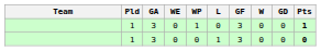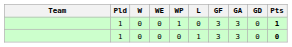 <table class="wikitable" style="text-align: center; font-size:90% ">
 <tr>
 <th width=160>Team</th>
 <th width=25>Pld</th>
-<th width=25>GA</th>
+<th width=25>W</th>
 <th width=25>WE</th>
 <th width=25>WP</th>
 <th width=25>L</th>
 <th width=25>GF</th>
-<th width=25>W</th>
+<th width=25>GA</th>
 <th width=25>GD</th>
 <th width=25>Pts</th>
 </tr>
 <tr bgcolor=ccffcc>
 <td align=left></td>
 <td>1</td>
-<td>3</td>
+<td>0</td>
 <td>0</td>
 <td>1</td>
 <td>0</td>
 <td>3</td>
-<td>0</td>
+<td>3</td>
 <td>0</td>
 <td><strong>1</strong></td>
 </tr>
 <tr bgcolor=ccffcc>
 <td align=left></td>
 <td>1</td>
-<td>3</td>
+<td>0</td>
 <td>0</td>
 <td>0</td>
 <td>1</td>
 <td>3</td>
-<td>0</td>
+<td>3</td>
 <td>0</td>
 <td><strong>0</strong></td>
 </tr>
 </table>
